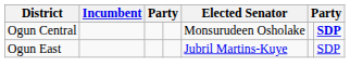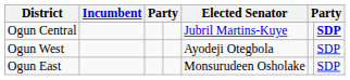 <table class="sortable wikitable" style="font-size:95%;line-height:14px;">
 <tr>
 <th class="unsortable">District</th>
 <th class="unsortable"><a href='#'>Incumbent</a></th>
 <th colspan="2">Party</th>
 <th class="unsortable">Elected Senator</th>
 <th colspan="2">Party</th>
 </tr>
 <tr>
 <td>Ogun Central</td>
 <td></td>
 <td></td>
 <td></td>
-<td>Monsurudeen Osholake</td>
+<td><a href='#'>Jubril Martins-Kuye</a></td>
 <td style="background:"></td>
 <td><strong><a href='#'>SDP</a></strong></td>
+</tr>
+<tr>
+<td>Ogun West</td>
+<td></td>
+<td></td>
+<td></td>
+<td>Ayodeji Otegbola</td>
+<td style="background:"></td>
+<td><a href='#'>SDP</a></td>
 </tr>
 <tr>
 <td>Ogun East</td>
 <td></td>
 <td></td>
 <td></td>
-<td><a href='#'>Jubril Martins-Kuye</a></td>
+<td>Monsurudeen Osholake</td>
 <td style="background:"></td>
 <td><a href='#'>SDP</a></td>
 </tr>
 </table>
